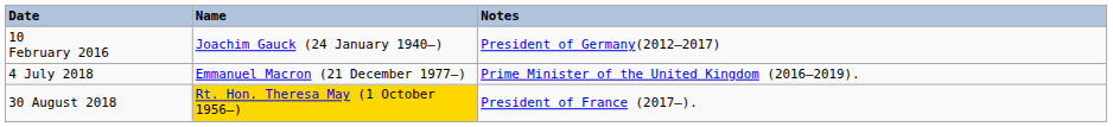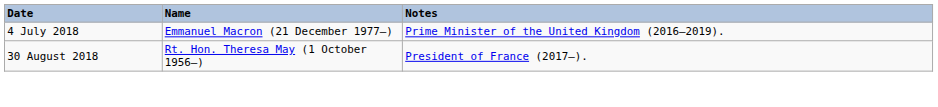 <table class="wikitable"  style="width:75%; font-size:85%; border:gray solid 1px; text-align:middle;">
 <tr>
 <th style="text-align: left;background:#B0C4DE">Date</th>
 <th style="width:240px; text-align:left; background:#b0c4de;">Name</th>
 <th style="text-align: left;background:#B0C4DE">Notes</th>
-</tr>
-<tr>
-<td>10<br>February 2016</td>
-<td><a href='#'>Joachim Gauck</a> (24 January 1940–)</td>
-<td><a href='#'>President of Germany</a>(2012–2017)</td>
 </tr>
 <tr>
 <td>4 July 2018</td>
 <td><a href='#'>Emmanuel Macron</a> (21 December 1977–)</td>
 <td><a href='#'>Prime Minister of the United Kingdom</a> (2016–2019).</td>
 </tr>
 <tr>
 <td>30 August 2018</td>
-<td style="background: gold;"><a href='#'>Rt. Hon. Theresa May</a> (1 October 1956–)</td>
+<td><a href='#'>Rt. Hon. Theresa May</a> (1 October 1956–)</td>
 <td><a href='#'>President of France</a> (2017–).</td>
 </tr>
 </table>
